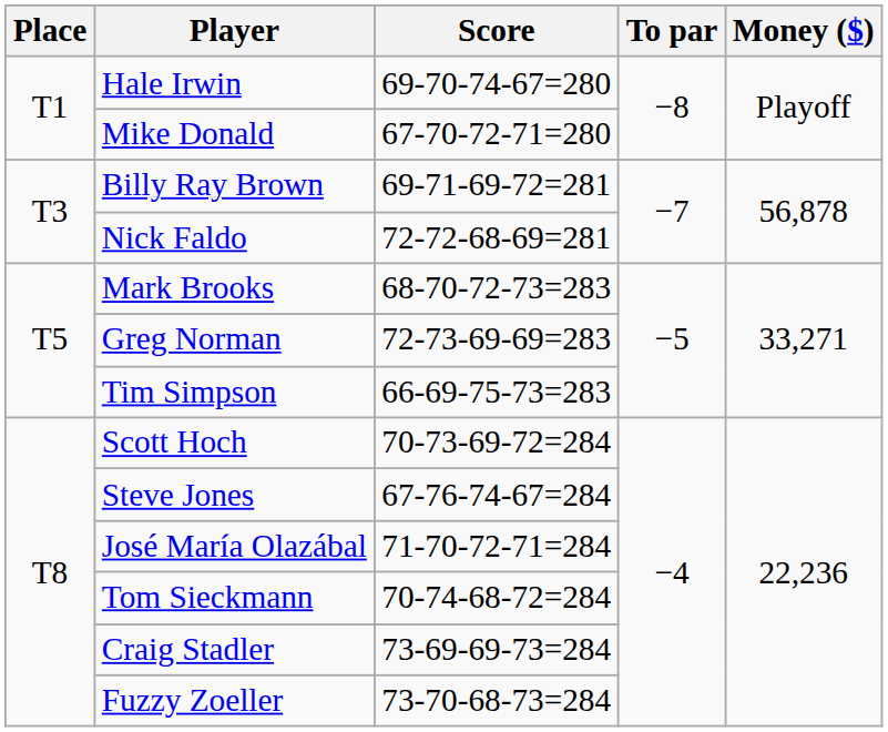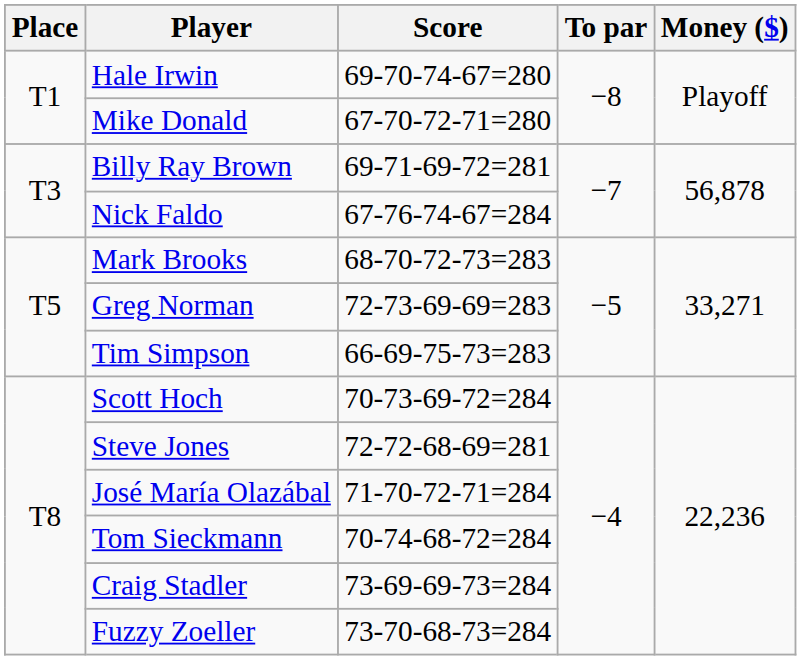 <table class=wikitable>
 <tr>
 <th>Place</th>
 <th>Player</th>
 <th>Score</th>
 <th>To par</th>
 <th>Money (<a href='#'>$</a>)</th>
 </tr>
 <tr>
 <td align=center rowspan=2>T1</td>
 <td> <a href='#'>Hale Irwin</a></td>
 <td>69-70-74-67=280</td>
 <td rowspan=2 align=center>−8</td>
 <td align=center rowspan=2>Playoff</td>
 </tr>
 <tr>
 <td> <a href='#'>Mike Donald</a></td>
 <td>67-70-72-71=280</td>
 </tr>
 <tr>
 <td rowspan=2 align=center>T3</td>
 <td> <a href='#'>Billy Ray Brown</a></td>
 <td>69-71-69-72=281</td>
 <td rowspan=2 align=center>−7</td>
 <td rowspan=2 align=center>56,878</td>
 </tr>
 <tr>
 <td> <a href='#'>Nick Faldo</a></td>
-<td>72-72-68-69=281</td>
+<td>67-76-74-67=284</td>
 </tr>
 <tr>
 <td rowspan=3 align=center>T5</td>
 <td> <a href='#'>Mark Brooks</a></td>
 <td>68-70-72-73=283</td>
 <td rowspan=3 align=center>−5</td>
 <td rowspan=3 align=center>33,271</td>
 </tr>
 <tr>
 <td> <a href='#'>Greg Norman</a></td>
 <td>72-73-69-69=283</td>
 </tr>
 <tr>
 <td> <a href='#'>Tim Simpson</a></td>
 <td>66-69-75-73=283</td>
 </tr>
 <tr>
 <td rowspan=6 align=center>T8</td>
 <td> <a href='#'>Scott Hoch</a></td>
 <td>70-73-69-72=284</td>
 <td rowspan=6 align=center>−4</td>
 <td rowspan=6 align=center>22,236</td>
 </tr>
 <tr>
 <td> <a href='#'>Steve Jones</a></td>
-<td>67-76-74-67=284</td>
+<td>72-72-68-69=281</td>
 </tr>
 <tr>
 <td> <a href='#'>José María Olazábal</a></td>
 <td>71-70-72-71=284</td>
 </tr>
 <tr>
 <td> <a href='#'>Tom Sieckmann</a></td>
 <td>70-74-68-72=284</td>
 </tr>
 <tr>
 <td> <a href='#'>Craig Stadler</a></td>
 <td>73-69-69-73=284</td>
 </tr>
 <tr>
 <td> <a href='#'>Fuzzy Zoeller</a></td>
 <td>73-70-68-73=284</td>
 </tr>
 </table>
